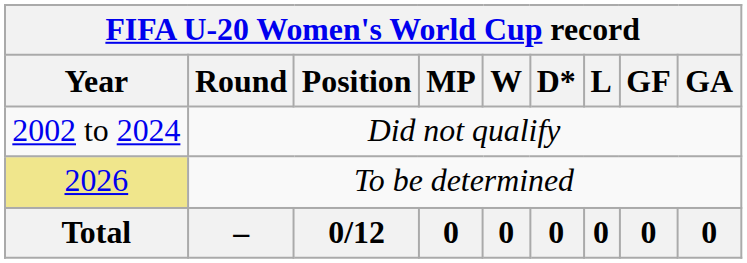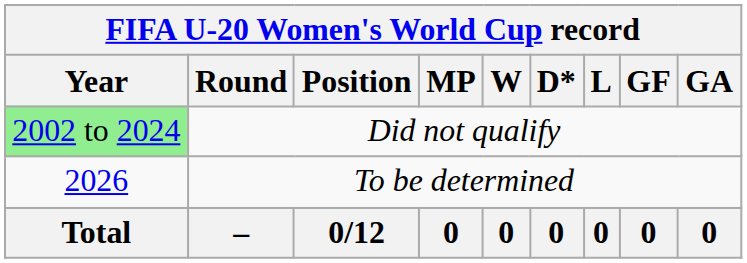 <table class="wikitable" style="text-align: center;">
 <tr>
 <th colspan=10><a href='#'>FIFA U-20 Women's World Cup</a> record</th>
 </tr>
 <tr>
 <th>Year</th>
 <th>Round</th>
 <th>Position</th>
 <th>MP</th>
 <th>W</th>
 <th>D*</th>
 <th>L</th>
 <th>GF</th>
 <th>GA</th>
 </tr>
 <tr>
-<td> <a href='#'>2002</a> to  <a href='#'>2024</a></td>
+<td style="background: lightgreen;"> <a href='#'>2002</a> to  <a href='#'>2024</a></td>
 <td colspan=9><em>Did not qualify</em></td>
 </tr>
 <tr>
-<td style="background: khaki;"> <a href='#'>2026</a></td>
+<td> <a href='#'>2026</a></td>
 <td colspan=9><em>To be determined</em></td>
 </tr>
 <tr>
 <th>Total</th>
 <th>–</th>
 <th>0/12</th>
 <th>0</th>
 <th>0</th>
 <th>0</th>
 <th>0</th>
 <th>0</th>
 <th>0</th>
 </tr>
 </table>
